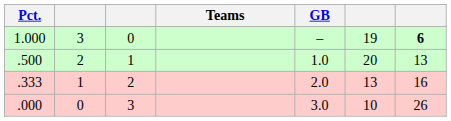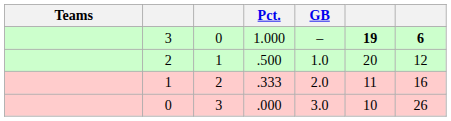 <table class="wikitable" style="text-align: center;">
 <tr>
-<th style="width: 50px;"><a href='#'>Pct.</a></th>
+<th style="width: 150px;">Teams</th>
 <th style="width: 50px;"></th>
 <th style="width: 50px;"></th>
-<th style="width: 150px;">Teams</th>
+<th style="width: 50px;"><a href='#'>Pct.</a></th>
 <th style="width: 50px;"><a href='#'>GB</a></th>
 <th style="width: 50px;"></th>
 <th style="width: 50px;"></th>
 </tr>
 <tr style="background: #CFC;">
-<td>1.000</td>
+<td style="text-align: left;"></td>
 <td>3</td>
 <td>0</td>
-<td style="text-align: left;"></td>
+<td>1.000</td>
 <td>–</td>
-<td>19</td>
+<td><strong>19</strong></td>
 <td><strong>6</strong></td>
 </tr>
 <tr style="background: #CFC;">
-<td>.500</td>
+<td style="text-align: left;"></td>
 <td>2</td>
 <td>1</td>
-<td style="text-align: left;"></td>
+<td>.500</td>
 <td>1.0</td>
 <td>20</td>
-<td>13</td>
+<td>12</td>
 </tr>
 <tr style="background: #FCC;">
-<td>.333</td>
+<td style="text-align: left;"></td>
 <td>1</td>
 <td>2</td>
-<td style="text-align: left;"></td>
+<td>.333</td>
 <td>2.0</td>
-<td>13</td>
+<td>11</td>
 <td>16</td>
 </tr>
 <tr style="background: #FCC;">
-<td>.000</td>
+<td style="text-align: left;"></td>
 <td>0</td>
 <td>3</td>
-<td style="text-align: left;"></td>
+<td>.000</td>
 <td>3.0</td>
 <td>10</td>
 <td>26</td>
 </tr>
 </table>
